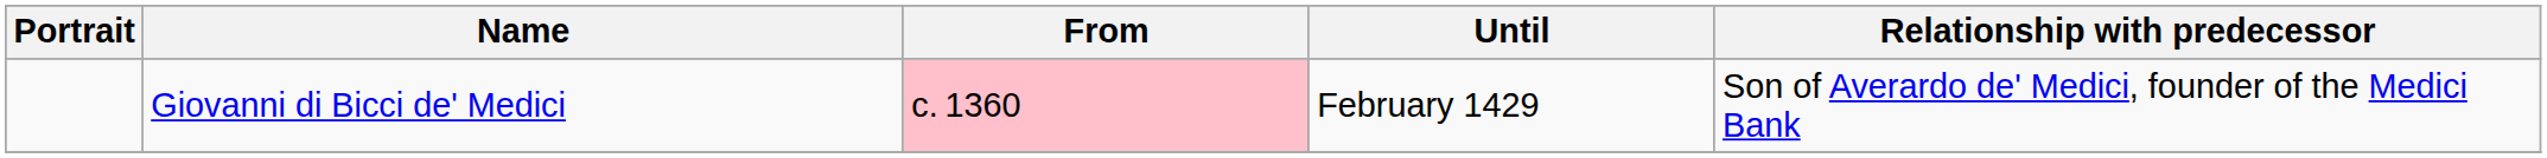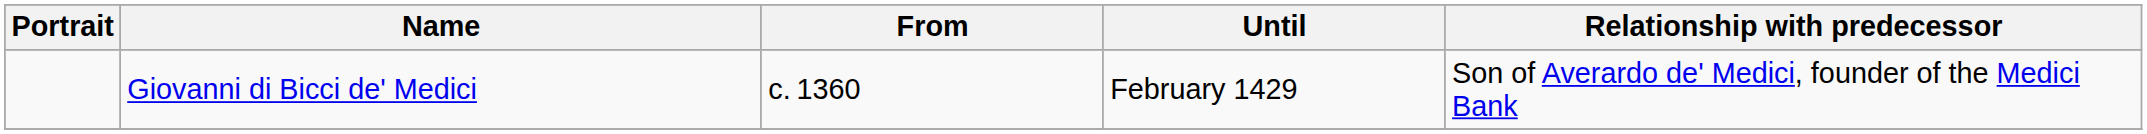 <table width="94%" class="wikitable">
 <tr>
 <th style="width:auto;">Portrait</th>
 <th style="width:30%;">Name</th>
 <th style="width:16%;">From</th>
 <th style="width:16%;">Until</th>
 <th style="width:auto;">Relationship with predecessor</th>
 </tr>
 <tr>
 <td></td>
 <td><a href='#'>Giovanni di Bicci de' Medici</a></td>
-<td style="background: pink;">c. 1360</td>
+<td>c. 1360</td>
 <td>February 1429</td>
 <td>Son of <a href='#'>Averardo de' Medici</a>, founder of the <a href='#'>Medici Bank</a></td>
 </tr>
 <tr>
 </tr>
 </table>
